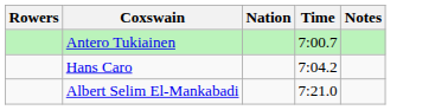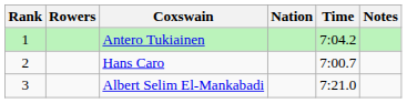 <table class="wikitable sortable" style="text-align:center">
 <tr>
+<th>Rank</th>
 <th>Rowers</th>
 <th>Coxswain</th>
 <th>Nation</th>
 <th>Time</th>
 <th>Notes</th>
 </tr>
 <tr bgcolor=bbf3bb>
+<td>1</td>
 <td align=left></td>
 <td align=left><a href='#'>Antero Tukiainen</a></td>
+<td align=left></td>
+<td>7:04.2</td>
+<td></td>
+</tr>
+<tr>
+<td>2</td>
+<td align=left></td>
+<td align=left><a href='#'>Hans Caro</a></td>
 <td align=left></td>
 <td>7:00.7</td>
 <td></td>
 </tr>
 <tr>
-<td align=left></td>
-<td align=left><a href='#'>Hans Caro</a></td>
-<td align=left></td>
-<td>7:04.2</td>
-<td></td>
-</tr>
-<tr>
+<td>3</td>
 <td align=left></td>
 <td align=left><a href='#'>Albert Selim El-Mankabadi</a></td>
 <td align=left></td>
 <td>7:21.0</td>
 <td></td>
 </tr>
 </table>
